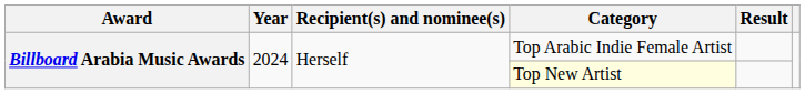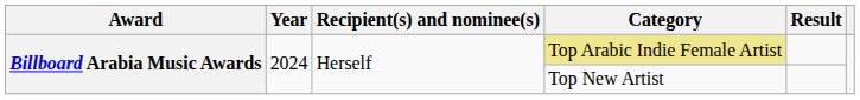 <table class="wikitable sortable plainrowheaders">
 <tr>
 <th scope="col">Award</th>
 <th scope="col">Year</th>
 <th scope="col">Recipient(s) and nominee(s)</th>
 <th scope="col">Category</th>
 <th scope="col">Result</th>
 <th scope="col" class="unsortable"></th>
 </tr>
 <tr>
 <th rowspan="2" scope="row"><em><a href='#'>Billboard</a></em> Arabia Music Awards</th>
 <td rowspan="2" align="center">2024</td>
 <td rowspan="2">Herself</td>
-<td>Top Arabic Indie Female Artist</td>
+<td style="background: khaki;">Top Arabic Indie Female Artist</td>
 <td></td>
 <td rowspan="2" style="text-align:center;"></td>
 </tr>
 <tr>
-<td style="background: lightyellow;">Top New Artist</td>
+<td>Top New Artist</td>
 <td></td>
 </tr>
 </table>
